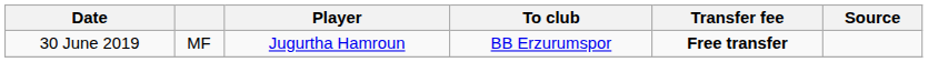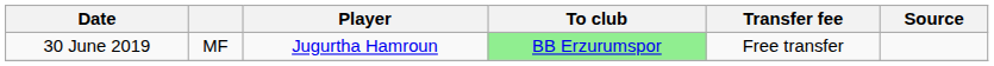 <table class="wikitable sortable" style="width:60%; text-align:center; font-size:85%; text-align:centre;">
 <tr>
 <th>Date</th>
 <th></th>
 <th>Player</th>
 <th>To club</th>
 <th>Transfer fee</th>
 <th>Source</th>
 </tr>
 <tr>
 <td>30 June 2019</td>
 <td>MF</td>
 <td> <a href='#'>Jugurtha Hamroun</a></td>
-<td> <a href='#'>BB Erzurumspor</a></td>
-<td><strong>Free transfer</strong></td>
+<td style="background: lightgreen;"> <a href='#'>BB Erzurumspor</a></td>
+<td>Free transfer</td>
 <td></td>
 </tr>
 <tr>
 </tr>
 </table>
